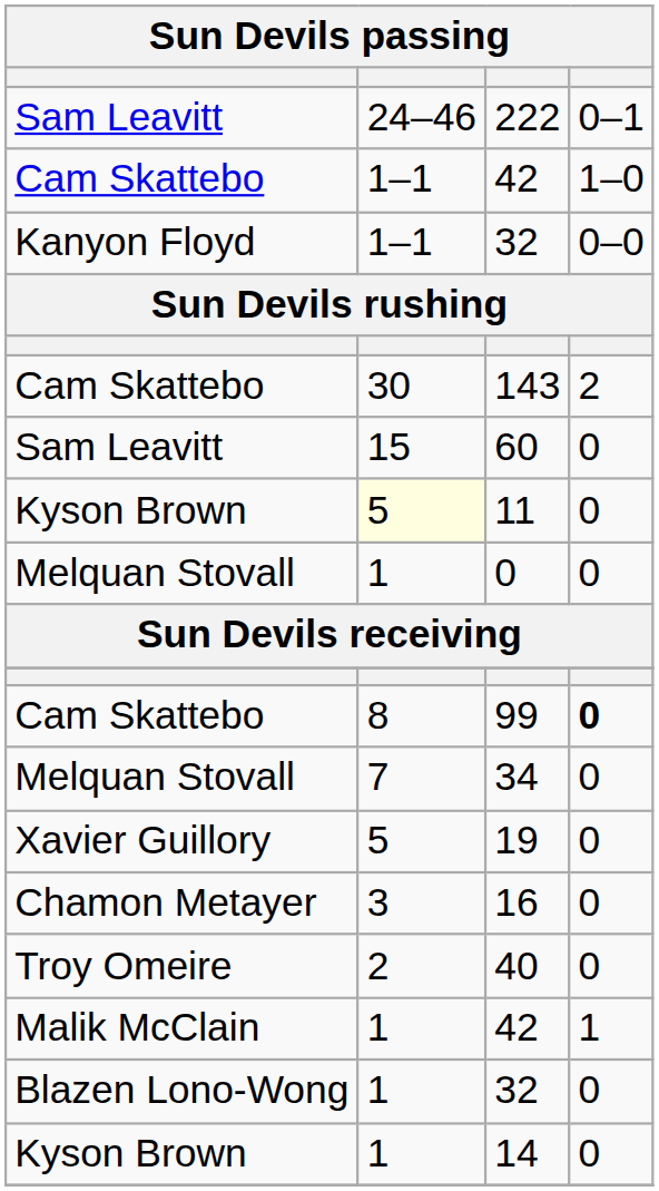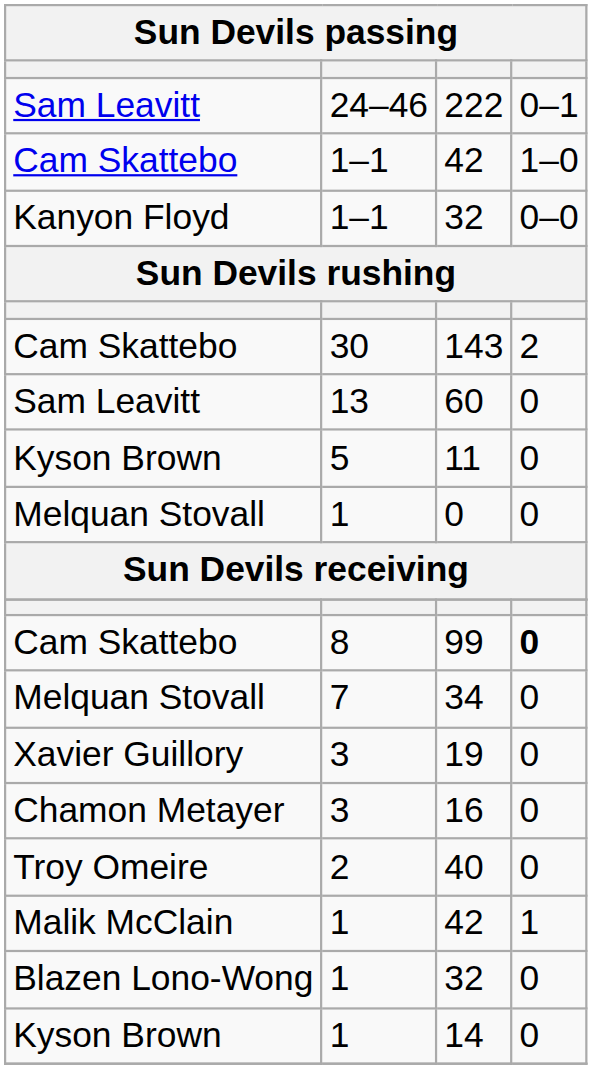 <table class="wikitable plainrowheaders">
 <tr>
 <th colspan="6">Sun Devils passing</th>
 </tr>
 <tr>
 <th scope="col"></th>
 <th scope="col"></th>
 <th scope="col"></th>
 <th scope="col"></th>
 </tr>
 <tr>
 <td><a href='#'>Sam Leavitt</a></td>
 <td>24–46</td>
 <td>222</td>
 <td>0–1</td>
 </tr>
 <tr>
 <td><a href='#'>Cam Skattebo</a></td>
 <td>1–1</td>
 <td>42</td>
 <td>1–0</td>
 </tr>
 <tr>
 <td>Kanyon Floyd</td>
 <td>1–1</td>
 <td>32</td>
 <td>0–0</td>
 </tr>
 <tr>
 <th colspan="6">Sun Devils rushing</th>
 </tr>
 <tr>
 <th scope="col"></th>
 <th scope="col"></th>
 <th scope="col"></th>
 <th scope="col"></th>
 </tr>
 <tr>
 <td>Cam Skattebo</td>
 <td>30</td>
 <td>143</td>
 <td>2</td>
 </tr>
 <tr>
 <td>Sam Leavitt</td>
-<td>15</td>
+<td>13</td>
 <td>60</td>
 <td>0</td>
 </tr>
 <tr>
 <td>Kyson Brown</td>
-<td style="background: lightyellow;">5</td>
+<td>5</td>
 <td>11</td>
 <td>0</td>
 </tr>
 <tr>
 <td>Melquan Stovall</td>
 <td>1</td>
 <td>0</td>
 <td>0</td>
 </tr>
 <tr>
 <th colspan="6">Sun Devils receiving</th>
 </tr>
 <tr>
 </tr>
 <tr>
 <th scope="col"></th>
 <th scope="col"></th>
 <th scope="col"></th>
 <th scope="col"></th>
 </tr>
 <tr>
 <td>Cam Skattebo</td>
 <td>8</td>
 <td>99</td>
 <td><strong>0</strong></td>
 </tr>
 <tr>
 <td>Melquan Stovall</td>
 <td>7</td>
 <td>34</td>
 <td>0</td>
 </tr>
 <tr>
 <td>Xavier Guillory</td>
-<td>5</td>
+<td>3</td>
 <td>19</td>
 <td>0</td>
 </tr>
 <tr>
 <td>Chamon Metayer</td>
 <td>3</td>
 <td>16</td>
 <td>0</td>
 </tr>
 <tr>
 <td>Troy Omeire</td>
 <td>2</td>
 <td>40</td>
 <td>0</td>
 </tr>
 <tr>
 <td>Malik McClain</td>
 <td>1</td>
 <td>42</td>
 <td>1</td>
 </tr>
 <tr>
 <td>Blazen Lono-Wong</td>
 <td>1</td>
 <td>32</td>
 <td>0</td>
 </tr>
 <tr>
 <td>Kyson Brown</td>
 <td>1</td>
 <td>14</td>
 <td>0</td>
 </tr>
 <tr>
 </tr>
 </table>
